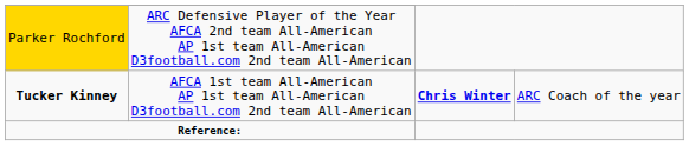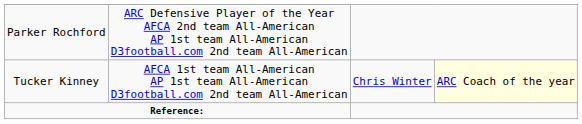 <table class="wikitable sortable sortable" style="text-align: center">
 <tr align=center>
 </tr>
 <tr>
-<td style="background: gold;">Parker Rochford</td>
+<td>Parker Rochford</td>
 <td><a href='#'>ARC</a> Defensive Player of the Year<br><a href='#'>AFCA</a> 2nd team All-American<br><a href='#'>AP</a> 1st team All-American<br><a href='#'>D3football.com</a> 2nd team All-American</td>
 </tr>
 <tr>
-<td><strong>Tucker Kinney</strong></td>
+<td>Tucker Kinney</td>
 <td><a href='#'>AFCA</a> 1st team All-American<br><a href='#'>AP</a> 1st team All-American<br><a href='#'>D3football.com</a> 2nd team All-American<br></td>
-<td><strong><a href='#'>Chris Winter</a></strong></td>
-<td><a href='#'>ARC</a> Coach of the year</td>
+<td><a href='#'>Chris Winter</a></td>
+<td style="background: lightyellow;"><a href='#'>ARC</a> Coach of the year</td>
 </tr>
 <tr class="sortbottom">
 <td colspan="2"  style="font-size:8pt; text-align:center;"><strong>Reference:</strong></td>
 </tr>
 </table>
